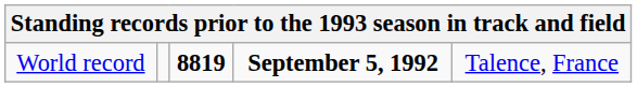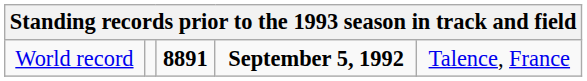 <table class="wikitable" style=" text-align:center;">
 <tr>
 <th colspan="5">Standing records prior to the 1993 season in track and field</th>
 </tr>
 <tr>
 <td><a href='#'>World record</a></td>
 <td></td>
-<td><strong>8819</strong></td>
+<td><strong>8891</strong></td>
 <td><strong>September 5, 1992</strong></td>
 <td> <a href='#'>Talence</a>, <a href='#'>France</a></td>
 </tr>
 </table>
